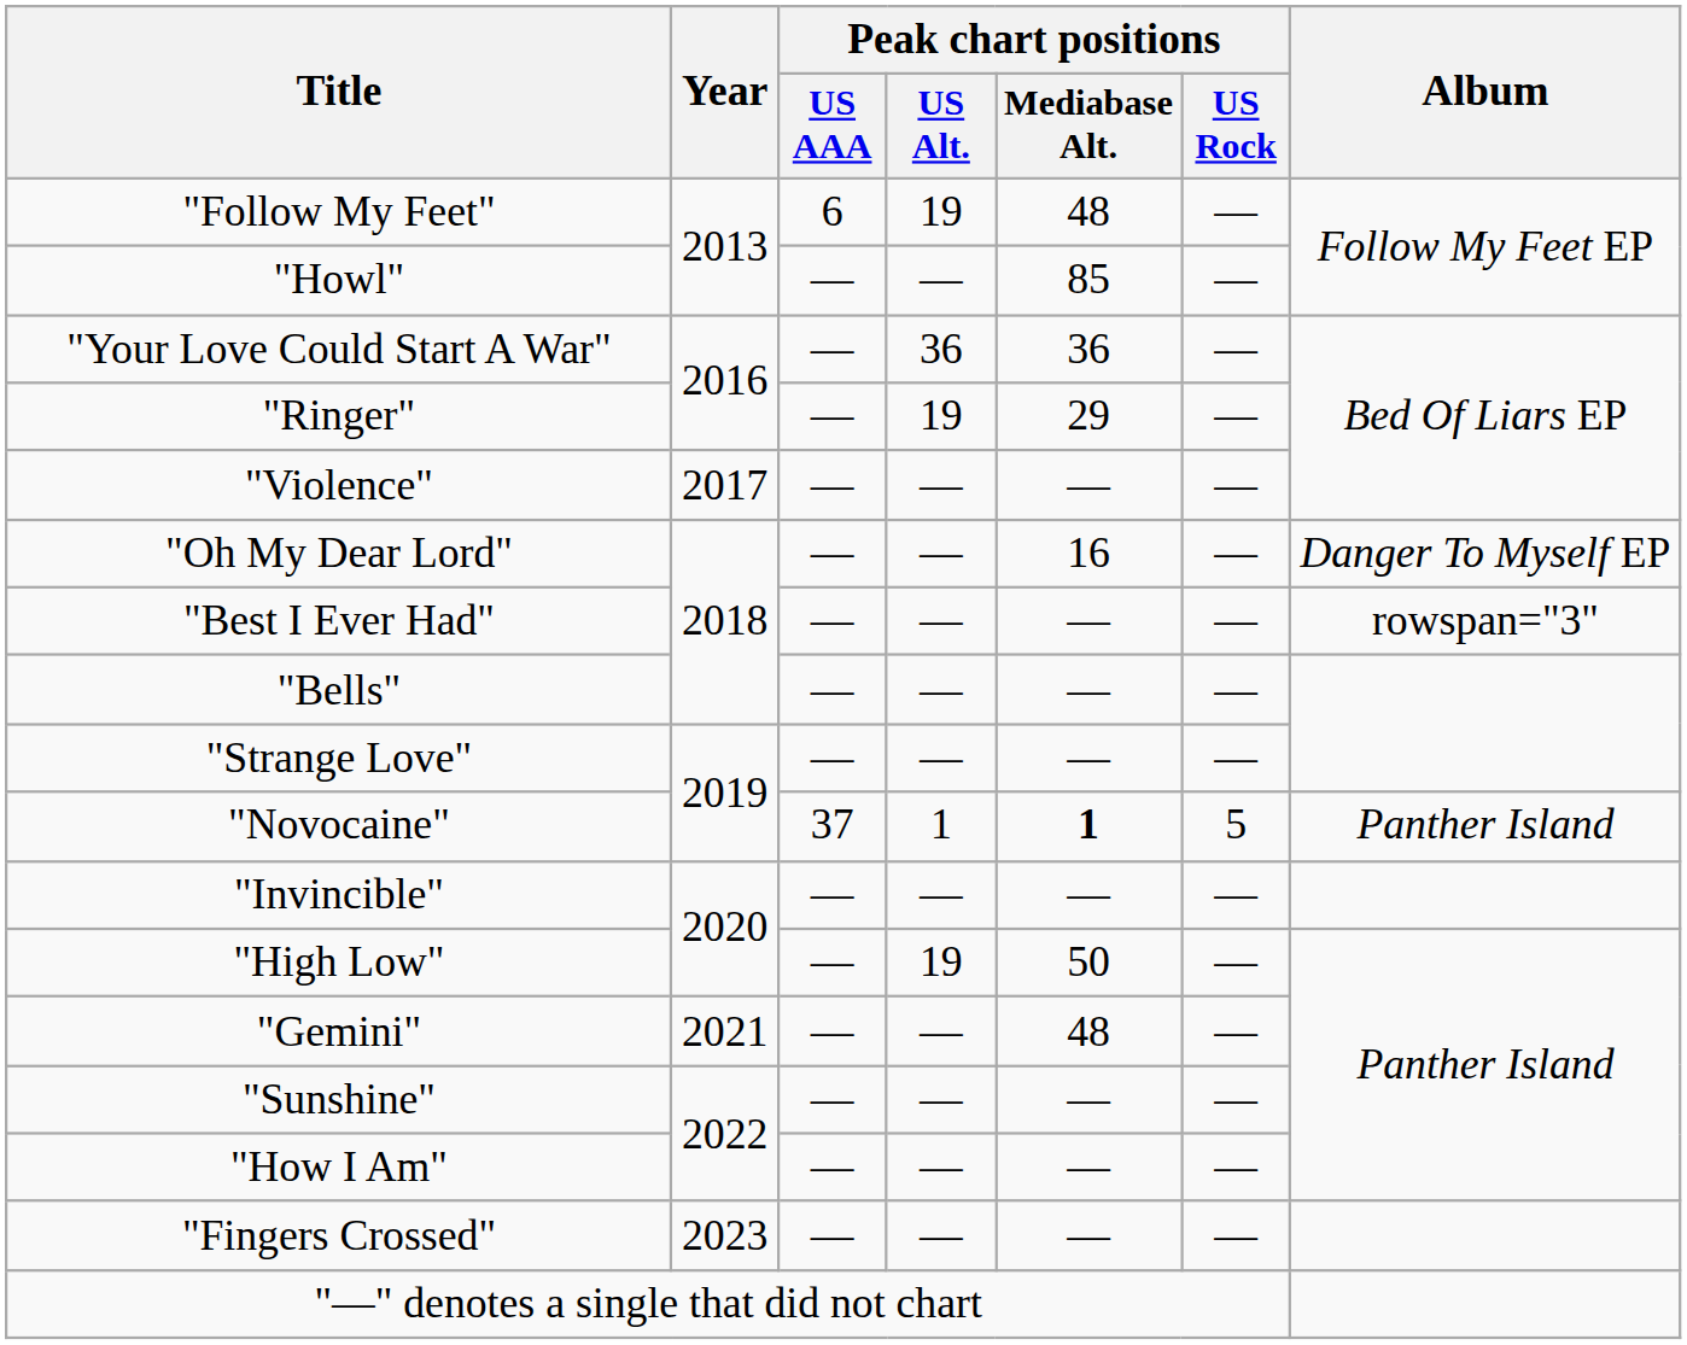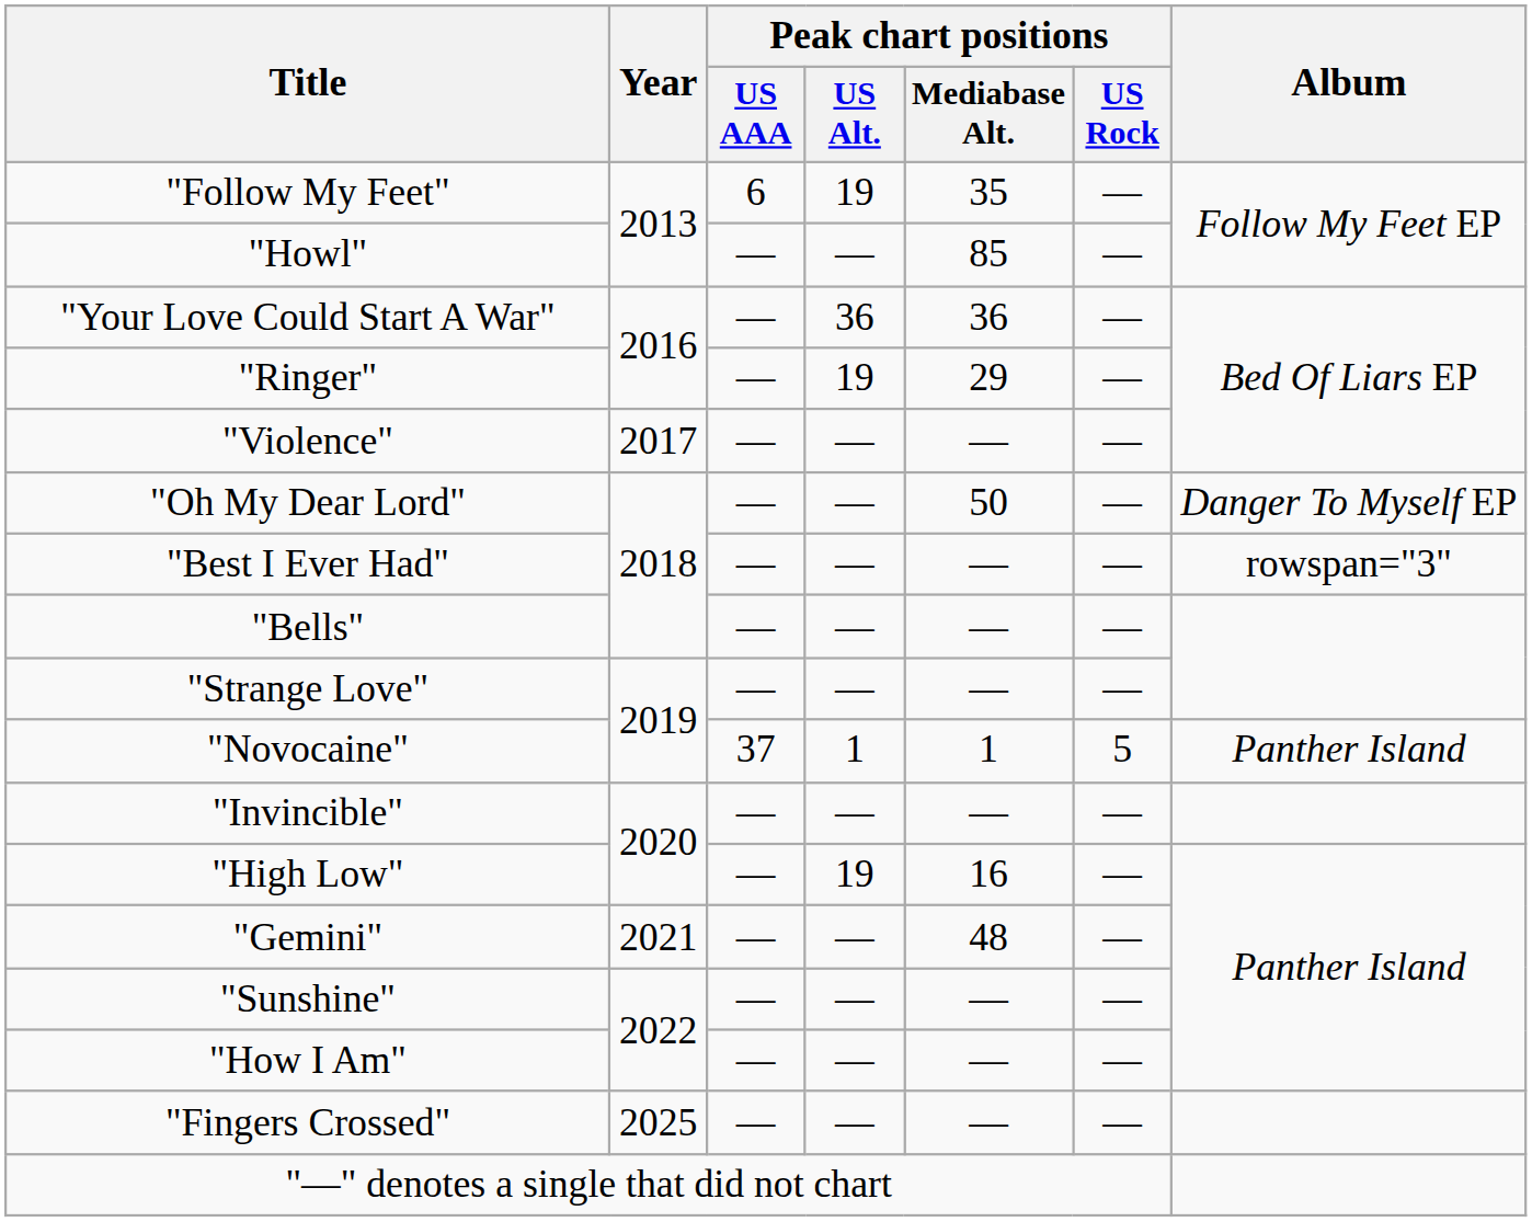 <table class="wikitable plainrowheaders" style="text-align:center;">
 <tr>
 <th scope="col" rowspan="2" style="width:15em;">Title</th>
 <th scope="col" rowspan="2">Year</th>
 <th colspan="4" scope="col">Peak chart positions</th>
 <th scope="col" rowspan="2">Album</th>
 </tr>
 <tr>
 <th scope="col" style="width:2.5em;font-size:85%;"><a href='#'>US<br>AAA</a><br></th>
 <th scope="col" style="width:2.5em;font-size:85%;"><a href='#'>US<br>Alt.</a><br></th>
 <th scope="col" style="width:4.5em;font-size:85%;">Mediabase Alt.</th>
 <th scope="col" style="width:2.5em;font-size:85%;"><a href='#'>US<br>Rock</a><br></th>
 </tr>
 <tr>
 <td scope="row">"Follow My Feet"</td>
 <td rowspan="2">2013</td>
 <td>6</td>
 <td>19</td>
-<td>48</td>
+<td>35</td>
 <td>—</td>
 <td rowspan="2"><em>Follow My Feet</em> EP</td>
 </tr>
 <tr>
 <td>"Howl"</td>
 <td>—</td>
 <td>—</td>
 <td>85</td>
 <td>—</td>
 </tr>
 <tr>
 <td scope="row">"Your Love Could Start A War"</td>
 <td rowspan="2">2016</td>
 <td>—</td>
 <td>36</td>
 <td>36</td>
 <td>—</td>
 <td rowspan="3"><em>Bed Of Liars</em> EP</td>
 </tr>
 <tr>
 <td scope="row">"Ringer"</td>
 <td>—</td>
 <td>19</td>
 <td>29</td>
 <td>—</td>
 </tr>
 <tr>
 <td>"Violence"</td>
 <td>2017</td>
 <td>—</td>
 <td>—</td>
 <td>—</td>
 <td>—</td>
 </tr>
 <tr>
 <td scope="row">"Oh My Dear Lord"</td>
 <td rowspan="3">2018</td>
 <td>—</td>
 <td>—</td>
-<td>16</td>
+<td>50</td>
 <td>—</td>
 <td><em>Danger To Myself</em> EP</td>
 </tr>
 <tr>
 <td>"Best I Ever Had"</td>
 <td>—</td>
 <td>—</td>
 <td>—</td>
 <td>—</td>
 <td>rowspan="3" </td>
 </tr>
 <tr>
 <td>"Bells"</td>
 <td>—</td>
 <td>—</td>
 <td>—</td>
 <td>—</td>
 </tr>
 <tr>
 <td>"Strange Love"</td>
 <td rowspan="2">2019</td>
 <td>—</td>
 <td>—</td>
 <td>—</td>
 <td>—</td>
 </tr>
 <tr>
 <td scope="row">"Novocaine"</td>
 <td>37</td>
 <td>1</td>
-<td><strong>1</strong></td>
+<td>1</td>
 <td>5</td>
 <td><em>Panther Island</em></td>
 </tr>
 <tr>
 <td>"Invincible"</td>
 <td rowspan="2">2020</td>
 <td>—</td>
 <td>—</td>
 <td>—</td>
 <td>—</td>
 <td></td>
 </tr>
 <tr>
 <td scope="row">"High Low"</td>
 <td>—</td>
 <td>19</td>
-<td>50</td>
+<td>16</td>
 <td>—</td>
 <td rowspan="4"><em>Panther Island</em></td>
 </tr>
 <tr>
 <td scope="row">"Gemini"</td>
 <td>2021</td>
 <td>—</td>
 <td>—</td>
 <td>48</td>
 <td>—</td>
 </tr>
 <tr>
 <td scope="row">"Sunshine"</td>
 <td rowspan="2">2022</td>
 <td>—</td>
 <td>—</td>
 <td>—</td>
 <td>—</td>
 </tr>
 <tr>
 <td scope="row">"How I Am"</td>
 <td>—</td>
 <td>—</td>
 <td>—</td>
 <td>—</td>
 </tr>
 <tr>
 <td>"Fingers Crossed"</td>
-<td>2023</td>
+<td>2025</td>
 <td>—</td>
 <td>—</td>
 <td>—</td>
 <td>—</td>
 <td></td>
 </tr>
 <tr>
 <td colspan="6">"—" denotes a single that did not chart</td>
 </tr>
 </table>
